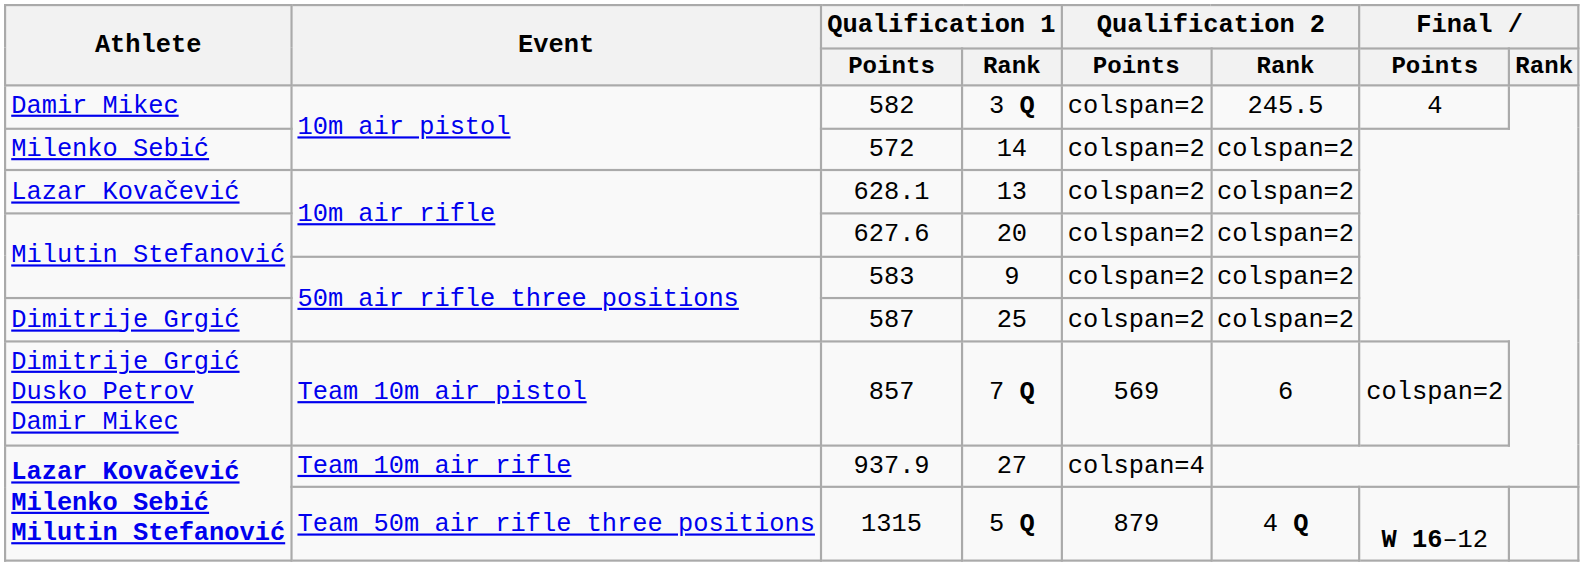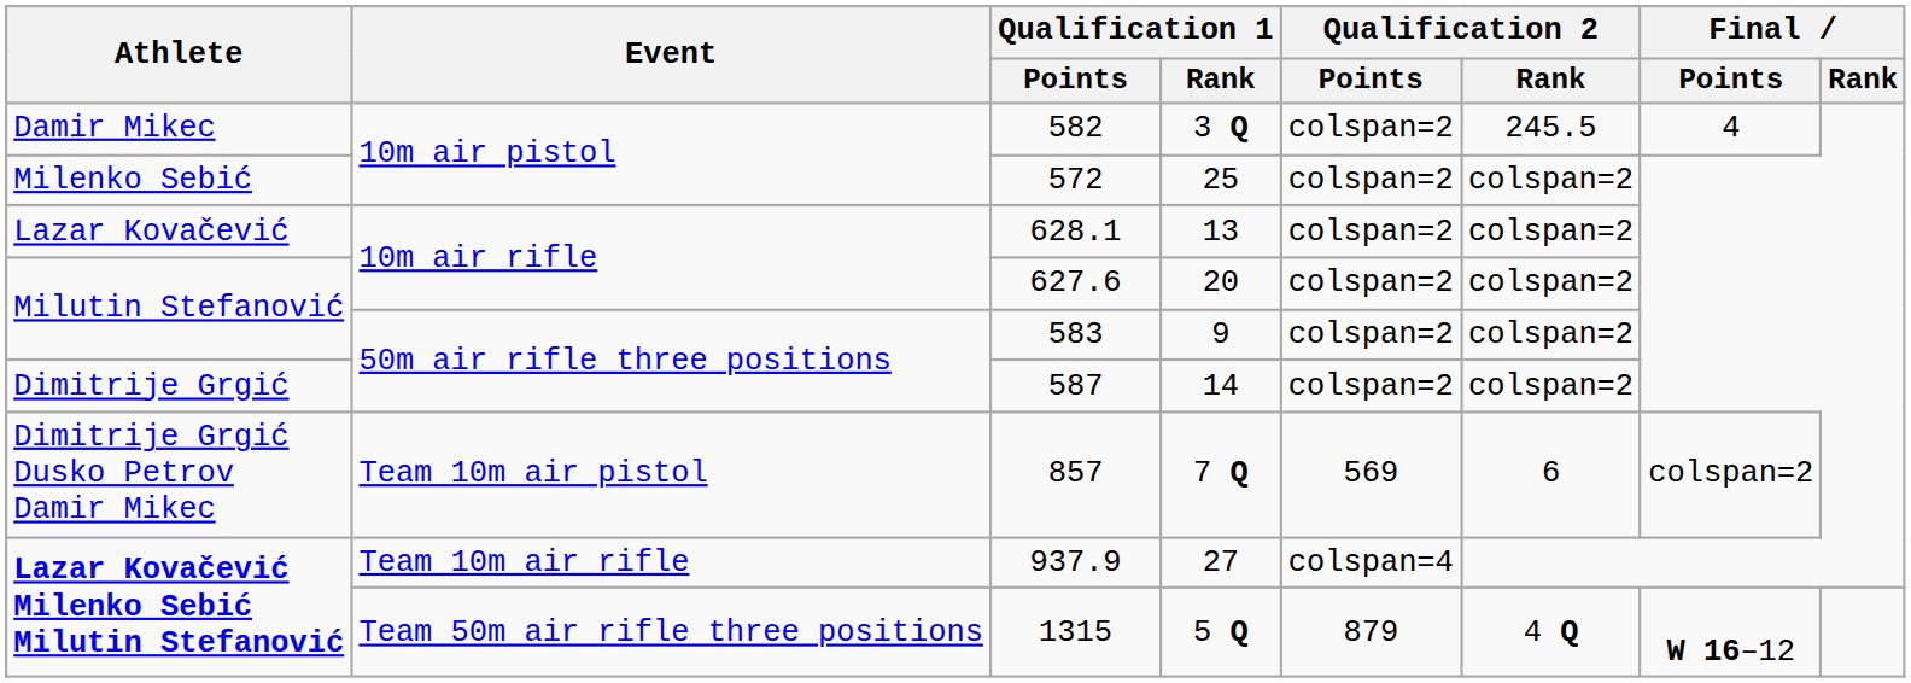 <table class="wikitable" style="font-size:90%">
 <tr>
 <th rowspan="2">Athlete</th>
 <th rowspan="2">Event</th>
 <th colspan=2>Qualification 1</th>
 <th colspan=2>Qualification 2</th>
 <th colspan=2>Final / </th>
 </tr>
 <tr style="font-size:95%">
 <th>Points</th>
 <th>Rank</th>
 <th>Points</th>
 <th>Rank</th>
 <th>Points</th>
 <th>Rank</th>
 </tr>
 <tr align=center>
 <td align=left><a href='#'>Damir Mikec</a></td>
 <td rowspan="2" align="left"><a href='#'>10m air pistol</a></td>
 <td>582</td>
 <td>3 <strong>Q</strong></td>
 <td>colspan=2 </td>
 <td>245.5</td>
 <td>4</td>
 </tr>
 <tr align=center>
 <td align=left><a href='#'>Milenko Sebić</a></td>
 <td>572</td>
-<td>14</td>
+<td>25</td>
 <td>colspan=2 </td>
 <td>colspan=2 </td>
 </tr>
 <tr align=center>
 <td align=left><a href='#'>Lazar Kovačević</a></td>
 <td rowspan="2" align="left"><a href='#'>10m air rifle</a></td>
 <td>628.1</td>
 <td>13</td>
 <td>colspan=2 </td>
 <td>colspan=2 </td>
 </tr>
 <tr align=center>
 <td align=left rowspan=2><a href='#'>Milutin Stefanović</a></td>
 <td>627.6</td>
 <td>20</td>
 <td>colspan=2 </td>
 <td>colspan=2 </td>
 </tr>
 <tr align=center>
 <td rowspan="2" align="left"><a href='#'>50m air rifle three positions</a></td>
 <td>583</td>
 <td>9</td>
 <td>colspan=2 </td>
 <td>colspan=2 </td>
 </tr>
 <tr align=center>
 <td align=left><a href='#'>Dimitrije Grgić</a></td>
 <td>587</td>
-<td>25</td>
+<td>14</td>
 <td>colspan=2 </td>
 <td>colspan=2 </td>
 </tr>
 <tr align=center>
 <td align=left><a href='#'>Dimitrije Grgić</a><br><a href='#'>Dusko Petrov</a><br><a href='#'>Damir Mikec</a></td>
 <td align="left"><a href='#'>Team 10m air pistol</a></td>
 <td>857</td>
 <td>7 <strong>Q</strong></td>
 <td>569</td>
 <td>6</td>
 <td>colspan=2 </td>
 </tr>
 <tr align=center>
 <td align=left rowspan=2><strong><a href='#'>Lazar Kovačević</a><br><a href='#'>Milenko Sebić</a><br><a href='#'>Milutin Stefanović</a></strong></td>
 <td align="left"><a href='#'>Team 10m air rifle</a></td>
 <td>937.9</td>
 <td>27</td>
 <td>colspan=4 </td>
 </tr>
 <tr align=center>
 <td align="left"><a href='#'>Team 50m air rifle three positions</a></td>
 <td>1315</td>
 <td>5 <strong>Q</strong></td>
 <td>879</td>
 <td>4 <strong>Q</strong></td>
 <td><br><strong>W 16</strong>–12</td>
 <td></td>
 </tr>
 </table>
